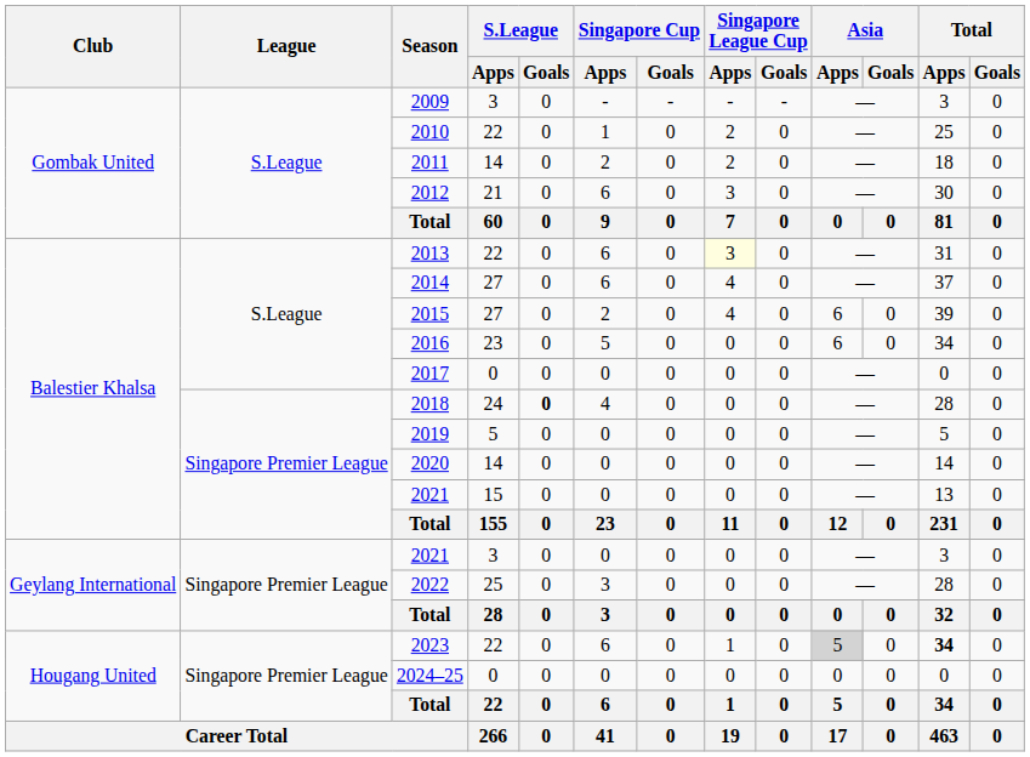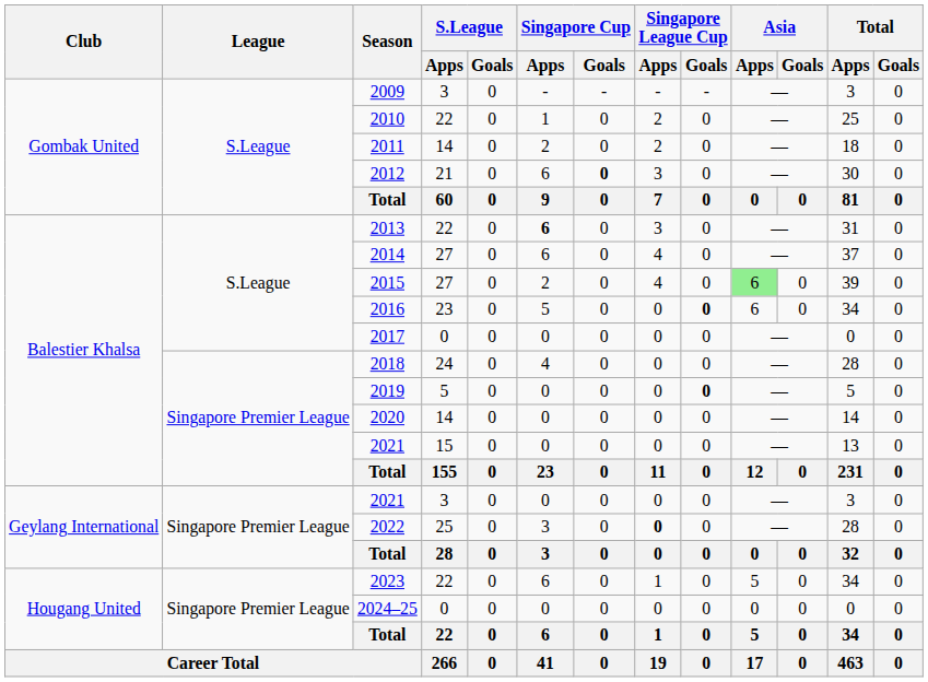 <table class="wikitable" style="text-align:center">
 <tr>
 <th rowspan="2">Club</th>
 <th rowspan="2">League</th>
 <th rowspan="2">Season</th>
 <th colspan="2"><a href='#'>S.League</a></th>
 <th colspan="2"><a href='#'>Singapore Cup</a></th>
 <th colspan="2"><a href='#'>Singapore<br>League Cup</a></th>
 <th colspan="2"><a href='#'>Asia</a></th>
 <th colspan="2">Total</th>
 </tr>
 <tr>
 <th>Apps</th>
 <th>Goals</th>
 <th>Apps</th>
 <th>Goals</th>
 <th>Apps</th>
 <th>Goals</th>
 <th>Apps</th>
 <th>Goals</th>
 <th>Apps</th>
 <th>Goals</th>
 </tr>
 <tr>
 <td rowspan="5"><a href='#'>Gombak United</a></td>
 <td rowspan="5"><a href='#'>S.League</a></td>
 <td><a href='#'>2009</a></td>
 <td>3</td>
 <td>0</td>
 <td>-</td>
 <td>-</td>
 <td>-</td>
 <td>-</td>
 <td colspan='2'>—</td>
 <td>3</td>
 <td>0</td>
 </tr>
 <tr>
 <td><a href='#'>2010</a></td>
 <td>22</td>
 <td>0</td>
 <td>1</td>
 <td>0</td>
 <td>2</td>
 <td>0</td>
 <td colspan='2'>—</td>
 <td>25</td>
 <td>0</td>
 </tr>
 <tr>
 <td><a href='#'>2011</a></td>
 <td>14</td>
 <td>0</td>
 <td>2</td>
 <td>0</td>
 <td>2</td>
 <td>0</td>
 <td colspan='2'>—</td>
 <td>18</td>
 <td>0</td>
 </tr>
 <tr>
 <td><a href='#'>2012</a></td>
 <td>21</td>
 <td>0</td>
 <td>6</td>
-<td>0</td>
+<td><strong>0</strong></td>
 <td>3</td>
 <td>0</td>
 <td colspan='2'>—</td>
 <td>30</td>
 <td>0</td>
 </tr>
 <tr>
 <th>Total</th>
 <th>60</th>
 <th>0</th>
 <th>9</th>
 <th>0</th>
 <th>7</th>
 <th>0</th>
 <th>0</th>
 <th>0</th>
 <th>81</th>
 <th>0</th>
 </tr>
 <tr>
 <td rowspan="10"><a href='#'>Balestier Khalsa</a></td>
 <td rowspan="5">S.League</td>
 <td><a href='#'>2013</a></td>
 <td>22</td>
 <td>0</td>
-<td>6</td>
+<td><strong>6</strong></td>
 <td>0</td>
-<td style="background: lightyellow;">3</td>
+<td>3</td>
 <td>0</td>
 <td colspan='2'>—</td>
 <td>31</td>
 <td>0</td>
 </tr>
 <tr>
 <td><a href='#'>2014</a></td>
 <td>27</td>
 <td>0</td>
 <td>6</td>
 <td>0</td>
 <td>4</td>
 <td>0</td>
 <td colspan='2'>—</td>
 <td>37</td>
 <td>0</td>
 </tr>
 <tr>
 <td><a href='#'>2015</a></td>
 <td>27</td>
 <td>0</td>
 <td>2</td>
 <td>0</td>
 <td>4</td>
 <td>0</td>
-<td>6</td>
+<td style="background: lightgreen;">6</td>
 <td>0</td>
 <td>39</td>
 <td>0</td>
 </tr>
 <tr>
 <td><a href='#'>2016</a></td>
 <td>23</td>
 <td>0</td>
 <td>5</td>
 <td>0</td>
 <td>0</td>
-<td>0</td>
+<td><strong>0</strong></td>
 <td>6</td>
 <td>0</td>
 <td>34</td>
 <td>0</td>
 </tr>
 <tr>
 <td><a href='#'>2017</a></td>
 <td>0</td>
 <td>0</td>
 <td>0</td>
 <td>0</td>
 <td>0</td>
 <td>0</td>
 <td colspan='2'>—</td>
 <td>0</td>
 <td>0</td>
 </tr>
 <tr>
 <td rowspan="5"><a href='#'>Singapore Premier League</a></td>
 <td><a href='#'>2018</a></td>
 <td>24</td>
-<td><strong>0</strong></td>
+<td>0</td>
 <td>4</td>
 <td>0</td>
 <td>0</td>
 <td>0</td>
 <td colspan='2'>—</td>
 <td>28</td>
 <td>0</td>
 </tr>
 <tr>
 <td><a href='#'>2019</a></td>
 <td>5</td>
 <td>0</td>
 <td>0</td>
 <td>0</td>
 <td>0</td>
-<td>0</td>
+<td><strong>0</strong></td>
 <td colspan='2'>—</td>
 <td>5</td>
 <td>0</td>
 </tr>
 <tr>
 <td><a href='#'>2020</a></td>
 <td>14</td>
 <td>0</td>
 <td>0</td>
 <td>0</td>
 <td>0</td>
 <td>0</td>
 <td colspan='2'>—</td>
 <td>14</td>
 <td>0</td>
 </tr>
 <tr>
 <td><a href='#'>2021</a></td>
 <td>15</td>
 <td>0</td>
 <td>0</td>
 <td>0</td>
 <td>0</td>
 <td>0</td>
 <td colspan='2'>—</td>
 <td>13</td>
 <td>0</td>
 </tr>
 <tr>
 <th>Total</th>
 <th>155</th>
 <th>0</th>
 <th>23</th>
 <th>0</th>
 <th>11</th>
 <th>0</th>
 <th>12</th>
 <th>0</th>
 <th>231</th>
 <th>0</th>
 </tr>
 <tr>
 <td rowspan="3"><a href='#'>Geylang International</a></td>
 <td rowspan="3">Singapore Premier League</td>
 <td><a href='#'>2021</a></td>
 <td>3</td>
 <td>0</td>
 <td>0</td>
 <td>0</td>
 <td>0</td>
 <td>0</td>
 <td colspan='2'>—</td>
 <td>3</td>
 <td>0</td>
 </tr>
 <tr>
 <td><a href='#'>2022</a></td>
 <td>25</td>
 <td>0</td>
 <td>3</td>
 <td>0</td>
-<td>0</td>
+<td><strong>0</strong></td>
 <td>0</td>
 <td colspan='2'>—</td>
 <td>28</td>
 <td>0</td>
 </tr>
 <tr>
 <th>Total</th>
 <th>28</th>
 <th>0</th>
 <th>3</th>
 <th>0</th>
 <th>0</th>
 <th>0</th>
 <th>0</th>
 <th>0</th>
 <th>32</th>
 <th>0</th>
 </tr>
 <tr>
 <td rowspan="3"><a href='#'>Hougang United</a></td>
 <td rowspan="3">Singapore Premier League</td>
 <td><a href='#'>2023</a></td>
 <td>22</td>
 <td>0</td>
 <td>6</td>
 <td>0</td>
 <td>1</td>
 <td>0</td>
-<td style="background: lightgrey;">5</td>
+<td>5</td>
 <td>0</td>
-<td><strong>34</strong></td>
+<td>34</td>
 <td>0</td>
 </tr>
 <tr>
 <td><a href='#'>2024–25</a></td>
 <td>0</td>
 <td>0</td>
 <td>0</td>
 <td>0</td>
 <td>0</td>
 <td>0</td>
 <td>0</td>
 <td>0</td>
 <td>0</td>
 <td>0</td>
 </tr>
 <tr>
 <th>Total</th>
 <th>22</th>
 <th>0</th>
 <th>6</th>
 <th>0</th>
 <th>1</th>
 <th>0</th>
 <th>5</th>
 <th>0</th>
 <th>34</th>
 <th>0</th>
 </tr>
 <tr>
 <th colspan=3>Career Total</th>
 <th>266</th>
 <th>0</th>
 <th>41</th>
 <th>0</th>
 <th>19</th>
 <th>0</th>
 <th>17</th>
 <th>0</th>
 <th>463</th>
 <th>0</th>
 </tr>
 </table>
